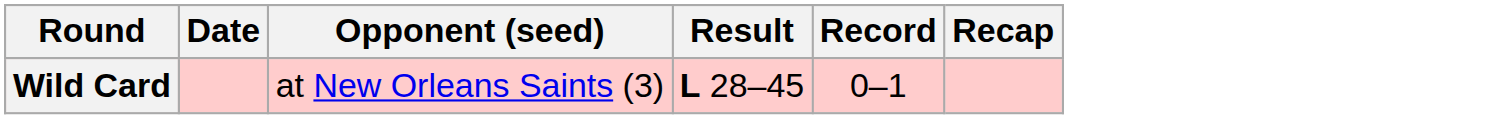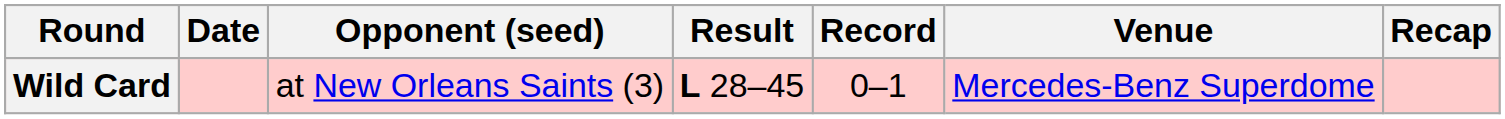 <table class="wikitable" style="text-align:center">
 <tr>
 <th>Round</th>
 <th>Date</th>
 <th>Opponent (seed)</th>
 <th>Result</th>
 <th>Record</th>
+<th>Venue</th>
 <th>Recap</th>
 </tr>
 <tr style="background:#fcc">
 <th>Wild Card</th>
 <td></td>
 <td>at <a href='#'>New Orleans Saints</a> (3)</td>
 <td><strong>L</strong> 28–45</td>
 <td>0–1</td>
+<td><a href='#'>Mercedes-Benz Superdome</a></td>
 <td></td>
 </tr>
 </table>
